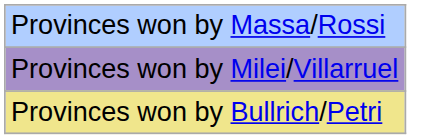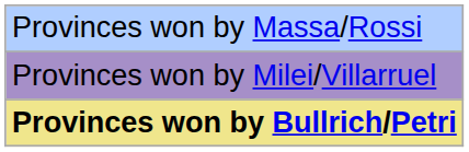 <table class="wikitable">
 <tr bgcolor="#B0CEFF">
 <td>Provinces won by <a href='#'>Massa</a>/<a href='#'>Rossi</a></td>
 </tr>
 <tr bgcolor="#A68FC8">
 <td>Provinces won by <a href='#'>Milei</a>/<a href='#'>Villarruel</a></td>
 </tr>
 <tr bgcolor="khaki">
-<td>Provinces won by <a href='#'>Bullrich</a>/<a href='#'>Petri</a></td>
+<td><strong>Provinces won by <a href='#'>Bullrich</a>/<a href='#'>Petri</a></strong></td>
 </tr>
 </table>
